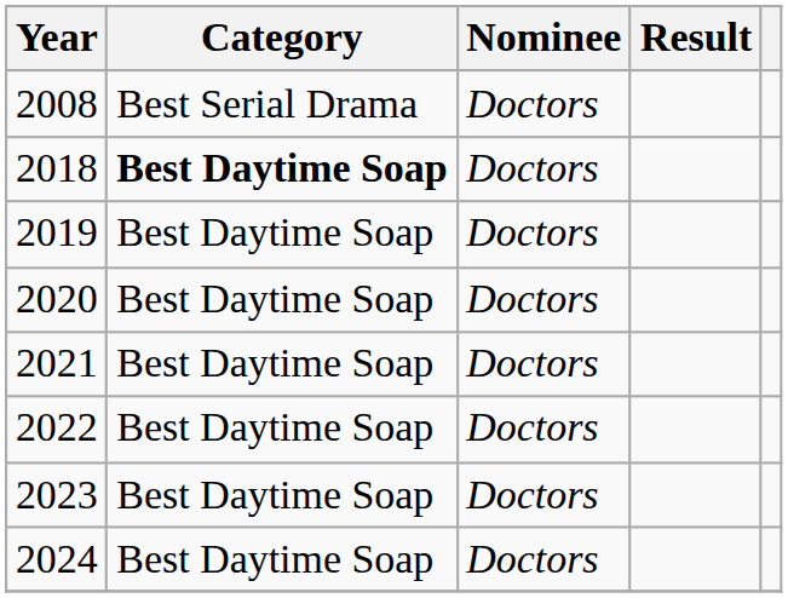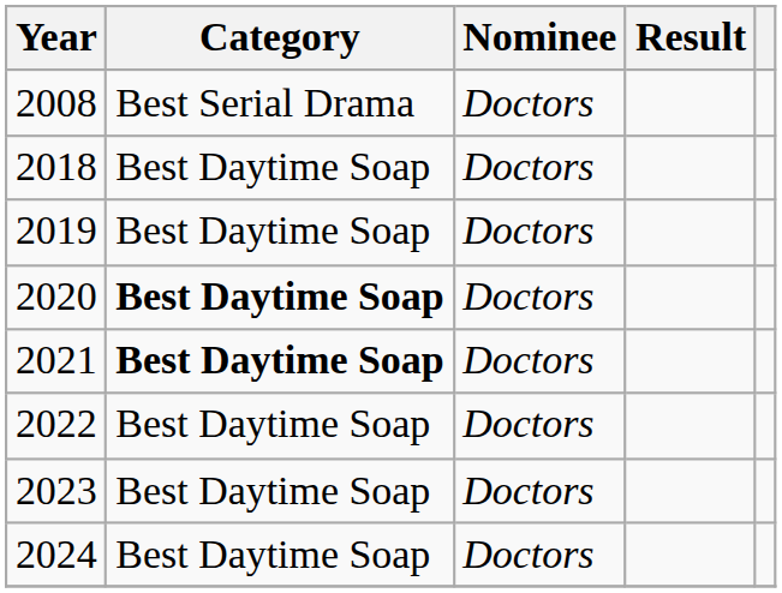 <table class="wikitable">
 <tr>
 <th>Year</th>
 <th>Category</th>
 <th>Nominee</th>
 <th>Result</th>
 <th></th>
 </tr>
 <tr>
 <td>2008</td>
 <td>Best Serial Drama</td>
 <td><em>Doctors</em></td>
 <td></td>
 <td align="center"></td>
 </tr>
 <tr>
 <td>2018</td>
-<td><strong>Best Daytime Soap</strong></td>
+<td>Best Daytime Soap</td>
 <td><em>Doctors</em></td>
 <td></td>
 <td align="center"></td>
 </tr>
 <tr>
 <td>2019</td>
 <td>Best Daytime Soap</td>
 <td><em>Doctors</em></td>
 <td></td>
 <td align="center"></td>
 </tr>
 <tr>
 <td>2020</td>
-<td>Best Daytime Soap</td>
+<td><strong>Best Daytime Soap</strong></td>
 <td><em>Doctors</em></td>
 <td></td>
 <td align="center"></td>
 </tr>
 <tr>
 <td>2021</td>
-<td>Best Daytime Soap</td>
+<td><strong>Best Daytime Soap</strong></td>
 <td><em>Doctors</em></td>
 <td></td>
 <td align="center"></td>
 </tr>
 <tr>
 <td>2022</td>
 <td>Best Daytime Soap</td>
 <td><em>Doctors</em></td>
 <td></td>
 <td align="center"></td>
 </tr>
 <tr>
 <td>2023</td>
 <td>Best Daytime Soap</td>
 <td><em>Doctors</em></td>
 <td></td>
 <td align="center"></td>
 </tr>
 <tr>
 <td>2024</td>
 <td>Best Daytime Soap</td>
 <td><em>Doctors</em></td>
 <td></td>
 <td align="center"></td>
 </tr>
 <tr>
 </tr>
 </table>
